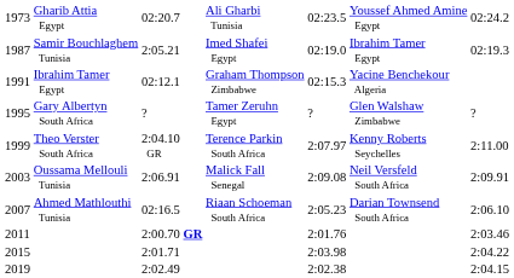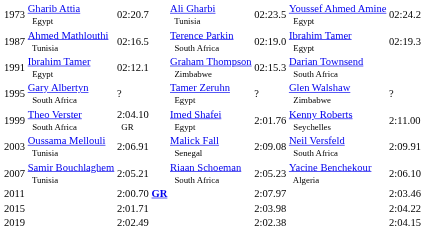 <table>
 <tr>
 <td>1973</td>
 <td><a href='#'>Gharib Attia</a> <small><br>    Egypt </small></td>
 <td>02:20.7</td>
 <td><a href='#'>Ali Gharbi</a> <small><br>    Tunisia </small></td>
 <td>02:23.5</td>
 <td><a href='#'>Youssef Ahmed Amine</a> <small><br>    Egypt </small></td>
 <td>02:24.2</td>
 </tr>
 <tr>
 <td>1987</td>
-<td><a href='#'>Samir Bouchlaghem</a> <small><br>    Tunisia </small></td>
-<td>2:05.21</td>
-<td><a href='#'>Imed Shafei</a> <small><br>    Egypt </small></td>
+<td><a href='#'>Ahmed Mathlouthi</a> <small><br>   Tunisia</small></td>
+<td>02:16.5</td>
+<td><a href='#'>Terence Parkin</a> <small><br>    South Africa </small></td>
 <td>02:19.0</td>
 <td><a href='#'>Ibrahim Tamer</a> <small><br>    Egypt </small></td>
 <td>02:19.3</td>
 </tr>
 <tr>
 <td>1991</td>
 <td><a href='#'>Ibrahim Tamer</a> <small><br>    Egypt </small></td>
 <td>02:12.1</td>
 <td><a href='#'>Graham Thompson</a> <small><br>    Zimbabwe </small></td>
 <td>02:15.3</td>
-<td><a href='#'>Yacine Benchekour</a> <small><br>    Algeria </small></td>
+<td><a href='#'>Darian Townsend</a> <small><br>   South Africa</small></td>
 <td></td>
 </tr>
 <tr>
 <td>1995</td>
 <td><a href='#'>Gary Albertyn</a> <small><br>    South Africa </small></td>
 <td>?</td>
 <td><a href='#'>Tamer Zeruhn</a> <small><br>    Egypt </small></td>
 <td>?</td>
 <td><a href='#'>Glen Walshaw</a> <small><br>    Zimbabwe </small></td>
 <td>?</td>
 </tr>
 <tr>
 <td>1999</td>
 <td><a href='#'>Theo Verster</a> <small><br>    South Africa </small></td>
 <td>2:04.10 <small><br>   GR</small></td>
-<td><a href='#'>Terence Parkin</a> <small><br>    South Africa </small></td>
-<td>2:07.97</td>
+<td><a href='#'>Imed Shafei</a> <small><br>    Egypt </small></td>
+<td>2:01.76</td>
 <td><a href='#'>Kenny Roberts</a> <small><br>    Seychelles </small></td>
 <td>2:11.00</td>
 </tr>
 <tr>
 <td>2003</td>
 <td><a href='#'>Oussama Mellouli</a> <small><br>    Tunisia </small></td>
 <td>2:06.91</td>
 <td><a href='#'>Malick Fall</a> <small><br>    Senegal </small></td>
 <td>2:09.08</td>
 <td><a href='#'>Neil Versfeld</a> <small><br>    South Africa </small></td>
 <td>2:09.91</td>
 </tr>
 <tr>
 <td>2007</td>
-<td><a href='#'>Ahmed Mathlouthi</a> <small><br>   Tunisia</small></td>
-<td>02:16.5</td>
+<td><a href='#'>Samir Bouchlaghem</a> <small><br>    Tunisia </small></td>
+<td>2:05.21</td>
 <td><a href='#'>Riaan Schoeman</a> <small><br>   South Africa</small></td>
 <td>2:05.23</td>
-<td><a href='#'>Darian Townsend</a> <small><br>   South Africa</small></td>
+<td><a href='#'>Yacine Benchekour</a> <small><br>    Algeria </small></td>
 <td>2:06.10</td>
 </tr>
 <tr>
 <td>2011</td>
 <td></td>
 <td>2:00.70 <strong><a href='#'>GR</a></strong></td>
 <td></td>
-<td>2:01.76</td>
+<td>2:07.97</td>
 <td></td>
 <td>2:03.46</td>
 </tr>
 <tr>
 <td>2015<br></td>
 <td></td>
 <td>2:01.71</td>
 <td></td>
 <td>2:03.98</td>
 <td></td>
 <td>2:04.22</td>
 </tr>
 <tr>
 <td>2019<br></td>
 <td></td>
 <td>2:02.49</td>
 <td></td>
 <td>2:02.38</td>
 <td></td>
 <td>2:04.15</td>
 </tr>
 </table>
